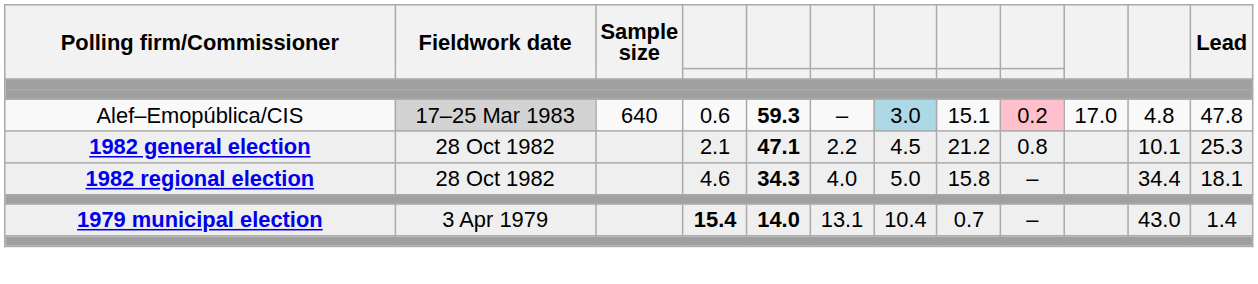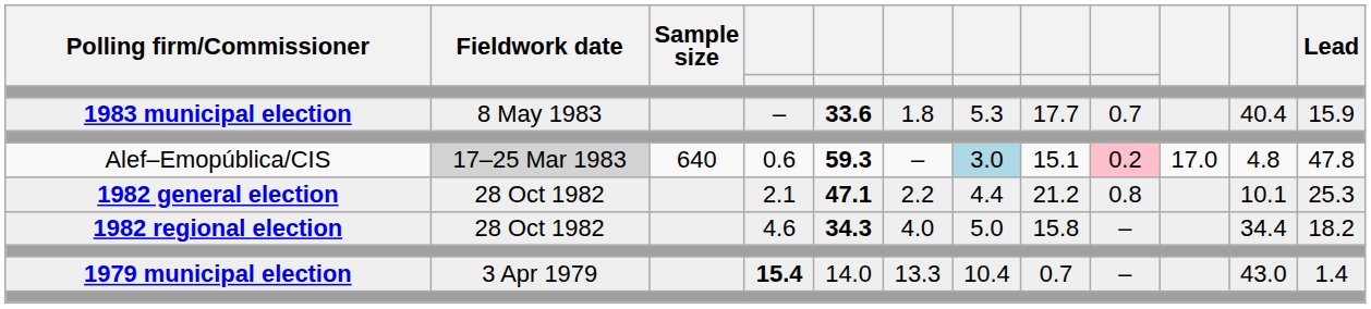 <table class="wikitable collapsible collapsed" style="text-align:center; font-size:90%; line-height:14px;">
 <tr style="height:42px;">
 <th style="width:250px;" rowspan="2">Polling firm/Commissioner</th>
 <th style="width:125px;" rowspan="2">Fieldwork date</th>
 <th style="width:50px;" rowspan="2">Sample size</th>
 <th style="width:35px;"></th>
 <th style="width:35px;"></th>
 <th style="width:35px;"></th>
 <th style="width:35px;"></th>
 <th style="width:35px;"></th>
 <th style="width:35px;"></th>
 <th style="width:35px;" rowspan="2"></th>
 <th style="width:35px;" rowspan="2"></th>
 <th style="width:30px;" rowspan="2">Lead</th>
 </tr>
 <tr>
 <th style="color:inherit;background:"></th>
 <th style="color:inherit;background:"></th>
 <th style="color:inherit;background:"></th>
 <th style="color:inherit;background:"></th>
 <th style="color:inherit;background:"></th>
 <th style="color:inherit;background:"></th>
 </tr>
 <tr>
 <td colspan="12" style="background:#A0A0A0"></td>
 </tr>
+<tr style="background:#EFEFEF;">
+<td><strong><a href='#'>1983 municipal election</a></strong></td>
+<td>8 May 1983</td>
+<td></td>
+<td>–</td>
+<td><strong>33.6</strong></td>
+<td>1.8</td>
+<td>5.3</td>
+<td>17.7</td>
+<td>0.7</td>
+<td></td>
+<td>40.4</td>
+<td style="background:">15.9</td>
+</tr>
 <tr>
 <td colspan="12" style="background:#A0A0A0"></td>
 </tr>
 <tr>
 <td>Alef–Emopública/CIS</td>
 <td style="background: lightgrey;">17–25 Mar 1983</td>
 <td>640</td>
 <td>0.6</td>
 <td><strong>59.3</strong></td>
 <td>–</td>
 <td style="background: lightblue;">3.0</td>
 <td>15.1</td>
 <td style="background: pink;">0.2</td>
 <td>17.0</td>
 <td>4.8</td>
 <td style="background:">47.8</td>
 </tr>
 <tr style="background:#EFEFEF;">
 <td><strong><a href='#'>1982 general election</a></strong></td>
 <td>28 Oct 1982</td>
 <td></td>
 <td>2.1</td>
 <td><strong>47.1</strong></td>
 <td>2.2</td>
-<td>4.5</td>
+<td>4.4</td>
 <td>21.2</td>
 <td>0.8</td>
 <td></td>
 <td>10.1</td>
 <td style="background:">25.3</td>
 </tr>
 <tr style="background:#EFEFEF;">
 <td><strong><a href='#'>1982 regional election</a></strong></td>
 <td>28 Oct 1982</td>
 <td></td>
 <td>4.6</td>
 <td><strong>34.3</strong></td>
 <td>4.0</td>
 <td>5.0</td>
 <td>15.8</td>
 <td>–</td>
 <td></td>
 <td>34.4</td>
-<td style="background:">18.1</td>
+<td style="background:">18.2</td>
 </tr>
 <tr>
 <td colspan="12" style="background:#A0A0A0"></td>
 </tr>
 <tr style="background:#EFEFEF;">
 <td><strong><a href='#'>1979 municipal election</a></strong></td>
 <td>3 Apr 1979</td>
 <td></td>
 <td><strong>15.4</strong></td>
-<td><strong>14.0</strong></td>
-<td>13.1</td>
+<td>14.0</td>
+<td>13.3</td>
 <td>10.4</td>
 <td>0.7</td>
 <td>–</td>
 <td></td>
 <td>43.0</td>
 <td style="background:">1.4</td>
 </tr>
 <tr>
 <td colspan="12" style="background:#A0A0A0"></td>
 </tr>
 </table>
